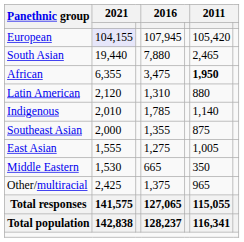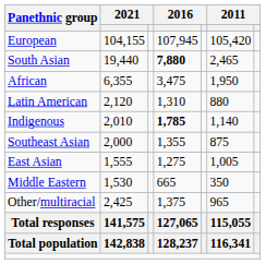 <table class="wikitable collapsible sortable">
 <tr>
 <th rowspan="2"><a href='#'>Panethnic</a> group</th>
 <th colspan="2">2021</th>
 <th colspan="2">2016</th>
 <th colspan="2">2011</th>
 </tr>
 <tr>
 <th><a href='#'></a></th>
 <th></th>
 <th></th>
 <th></th>
 <th></th>
 <th></th>
 </tr>
 <tr>
 <td><a href='#'>European</a></td>
-<td style="background: lavender;">104,155</td>
+<td>104,155</td>
 <td></td>
 <td>107,945</td>
 <td></td>
 <td>105,420</td>
 <td></td>
 </tr>
 <tr>
 <td><a href='#'>South Asian</a></td>
 <td>19,440</td>
 <td></td>
-<td>7,880</td>
+<td><strong>7,880</strong></td>
 <td></td>
 <td>2,465</td>
 <td></td>
 </tr>
 <tr>
 <td><a href='#'>African</a></td>
 <td>6,355</td>
 <td></td>
 <td>3,475</td>
 <td></td>
-<td><strong>1,950</strong></td>
+<td>1,950</td>
 <td></td>
 </tr>
 <tr>
 <td><a href='#'>Latin American</a></td>
 <td>2,120</td>
 <td></td>
 <td>1,310</td>
 <td></td>
 <td>880</td>
 <td></td>
 </tr>
 <tr>
 <td><a href='#'>Indigenous</a></td>
 <td>2,010</td>
 <td></td>
-<td>1,785</td>
+<td><strong>1,785</strong></td>
 <td></td>
 <td>1,140</td>
 <td></td>
 </tr>
 <tr>
 <td><a href='#'>Southeast Asian</a></td>
 <td>2,000</td>
 <td></td>
 <td>1,355</td>
 <td></td>
 <td>875</td>
 <td></td>
 </tr>
 <tr>
 <td><a href='#'>East Asian</a></td>
 <td>1,555</td>
 <td></td>
 <td>1,275</td>
 <td></td>
 <td>1,005</td>
 <td></td>
 </tr>
 <tr>
 <td><a href='#'>Middle Eastern</a></td>
 <td>1,530</td>
 <td></td>
 <td>665</td>
 <td></td>
 <td>350</td>
 <td></td>
 </tr>
 <tr>
 <td>Other/<a href='#'>multiracial</a></td>
 <td>2,425</td>
 <td></td>
 <td>1,375</td>
 <td></td>
 <td>965</td>
 <td></td>
 </tr>
 <tr>
 <th>Total responses</th>
 <th>141,575</th>
 <th></th>
 <th>127,065</th>
 <th></th>
 <th>115,055</th>
 <th></th>
 </tr>
 <tr class="sortbottom">
 <th>Total population</th>
 <th>142,838</th>
 <th></th>
 <th>128,237</th>
 <th></th>
 <th>116,341</th>
 <th></th>
 </tr>
 <tr class="sortbottom">
 <td colspan="15"></td>
 </tr>
 </table>
